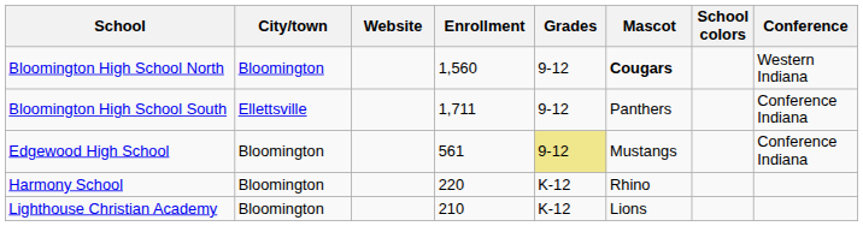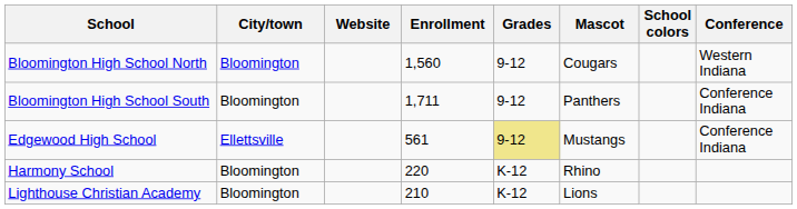 <table class="wikitable sortable" width="70%">
 <tr>
 <th width="20%">School</th>
 <th width="08%">City/town</th>
 <th width="06%">Website</th>
 <th width="04%">Enrollment</th>
 <th width="04%">Grades</th>
 <th width="04%">Mascot</th>
 <th width=01%>School colors</th>
 <th width="04%">Conference</th>
 </tr>
 <tr>
 <td><a href='#'>Bloomington High School North</a></td>
 <td><a href='#'>Bloomington</a></td>
 <td></td>
 <td>1,560</td>
 <td>9-12</td>
-<td><strong>Cougars</strong></td>
+<td>Cougars</td>
 <td>  </td>
 <td>Western Indiana</td>
 </tr>
 <tr>
 <td><a href='#'>Bloomington High School South</a></td>
-<td><a href='#'>Ellettsville</a></td>
+<td>Bloomington</td>
 <td></td>
 <td>1,711</td>
 <td>9-12</td>
 <td>Panthers</td>
 <td> </td>
 <td>Conference Indiana</td>
 </tr>
 <tr>
 <td><a href='#'>Edgewood High School</a></td>
-<td>Bloomington</td>
+<td><a href='#'>Ellettsville</a></td>
 <td></td>
 <td>561</td>
 <td style="background: khaki;">9-12</td>
 <td>Mustangs</td>
 <td>  </td>
 <td>Conference Indiana</td>
 </tr>
 <tr>
 <td><a href='#'>Harmony School</a></td>
 <td>Bloomington</td>
 <td></td>
 <td>220</td>
 <td>K-12</td>
 <td>Rhino</td>
 <td> </td>
 <td></td>
 </tr>
 <tr>
 <td><a href='#'>Lighthouse Christian Academy</a></td>
 <td>Bloomington</td>
 <td></td>
 <td>210</td>
 <td>K-12</td>
 <td>Lions</td>
 <td>  </td>
 <td></td>
 </tr>
 </table>
